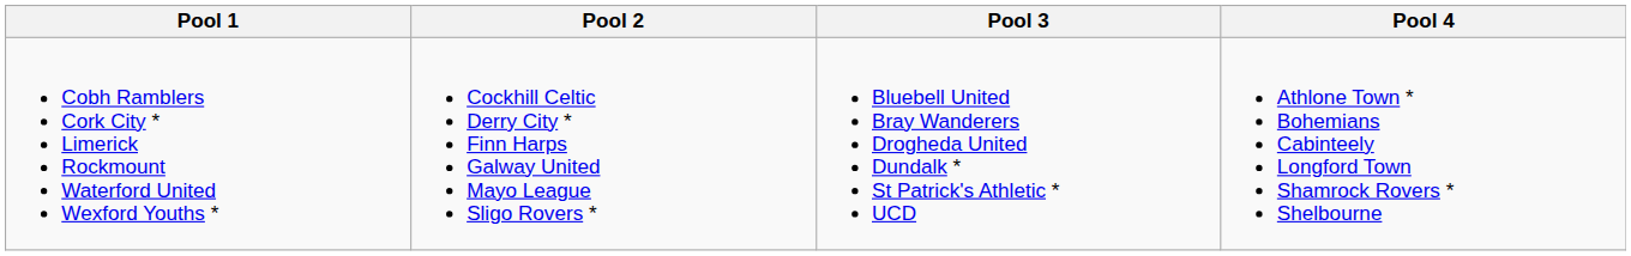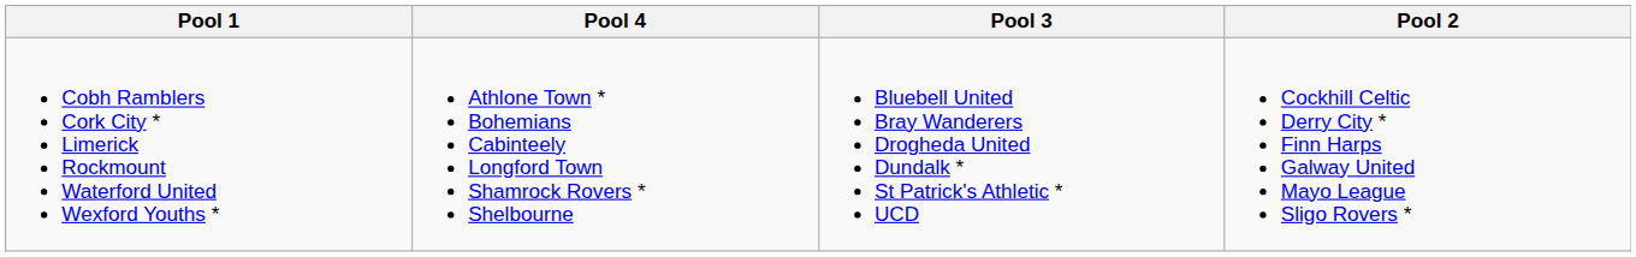 <table class="wikitable" width=100%>
 <tr>
 <th width=16%>Pool 1</th>
+<th width=16%>Pool 4</th>
+<th width=16%>Pool 3</th>
 <th width=16%>Pool 2</th>
-<th width=16%>Pool 3</th>
-<th width=16%>Pool 4</th>
 </tr>
 <tr valign=top>
 <td><br><ul><li><a href='#'>Cobh Ramblers</a></li><li><a href='#'>Cork City</a> *</li><li><a href='#'>Limerick</a></li><li><a href='#'>Rockmount</a></li><li><a href='#'>Waterford United</a></li><li><a href='#'>Wexford Youths</a> *</li></ul></td>
+<td><br><ul><li><a href='#'>Athlone Town</a> *</li><li><a href='#'>Bohemians</a></li><li><a href='#'>Cabinteely</a></li><li><a href='#'>Longford Town</a></li><li><a href='#'>Shamrock Rovers</a> *</li><li><a href='#'>Shelbourne</a></li></ul></td>
+<td><br><ul><li><a href='#'>Bluebell United</a></li><li><a href='#'>Bray Wanderers</a></li><li><a href='#'>Drogheda United</a></li><li><a href='#'>Dundalk</a> *</li><li><a href='#'>St Patrick's Athletic</a> *</li><li><a href='#'>UCD</a></li></ul></td>
 <td><br><ul><li><a href='#'>Cockhill Celtic</a></li><li><a href='#'>Derry City</a> *</li><li><a href='#'>Finn Harps</a></li><li><a href='#'>Galway United</a></li><li><a href='#'>Mayo League</a></li><li><a href='#'>Sligo Rovers</a> *</li></ul></td>
-<td><br><ul><li><a href='#'>Bluebell United</a></li><li><a href='#'>Bray Wanderers</a></li><li><a href='#'>Drogheda United</a></li><li><a href='#'>Dundalk</a> *</li><li><a href='#'>St Patrick's Athletic</a> *</li><li><a href='#'>UCD</a></li></ul></td>
-<td><br><ul><li><a href='#'>Athlone Town</a> *</li><li><a href='#'>Bohemians</a></li><li><a href='#'>Cabinteely</a></li><li><a href='#'>Longford Town</a></li><li><a href='#'>Shamrock Rovers</a> *</li><li><a href='#'>Shelbourne</a></li></ul></td>
 </tr>
 </table>
